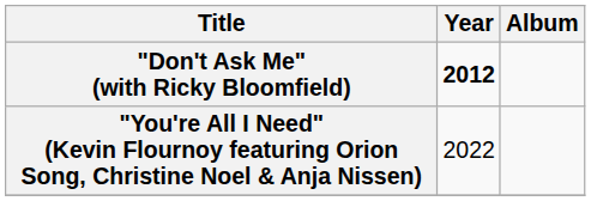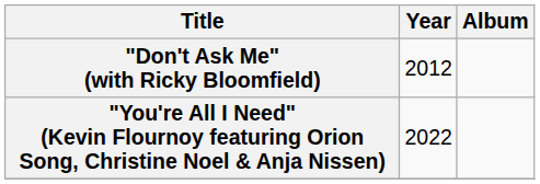 <table class="wikitable plainrowheaders" style="text-align:center;">
 <tr>
 <th scope="col" style="width:18em;">Title</th>
 <th scope="col" style="width:1em;">Year</th>
 <th scope="col">Album</th>
 </tr>
 <tr>
 <th scope="row">"Don't Ask Me"<br><span>(with Ricky Bloomfield)</span></th>
-<td><strong>2012</strong></td>
+<td>2012</td>
 <td></td>
 </tr>
 <tr>
 <th scope="row">"You're All I Need"<br><span>(Kevin Flournoy featuring Orion Song, Christine Noel & Anja Nissen)</span></th>
 <td>2022</td>
 <td></td>
 </tr>
 <tr>
 </tr>
 </table>
